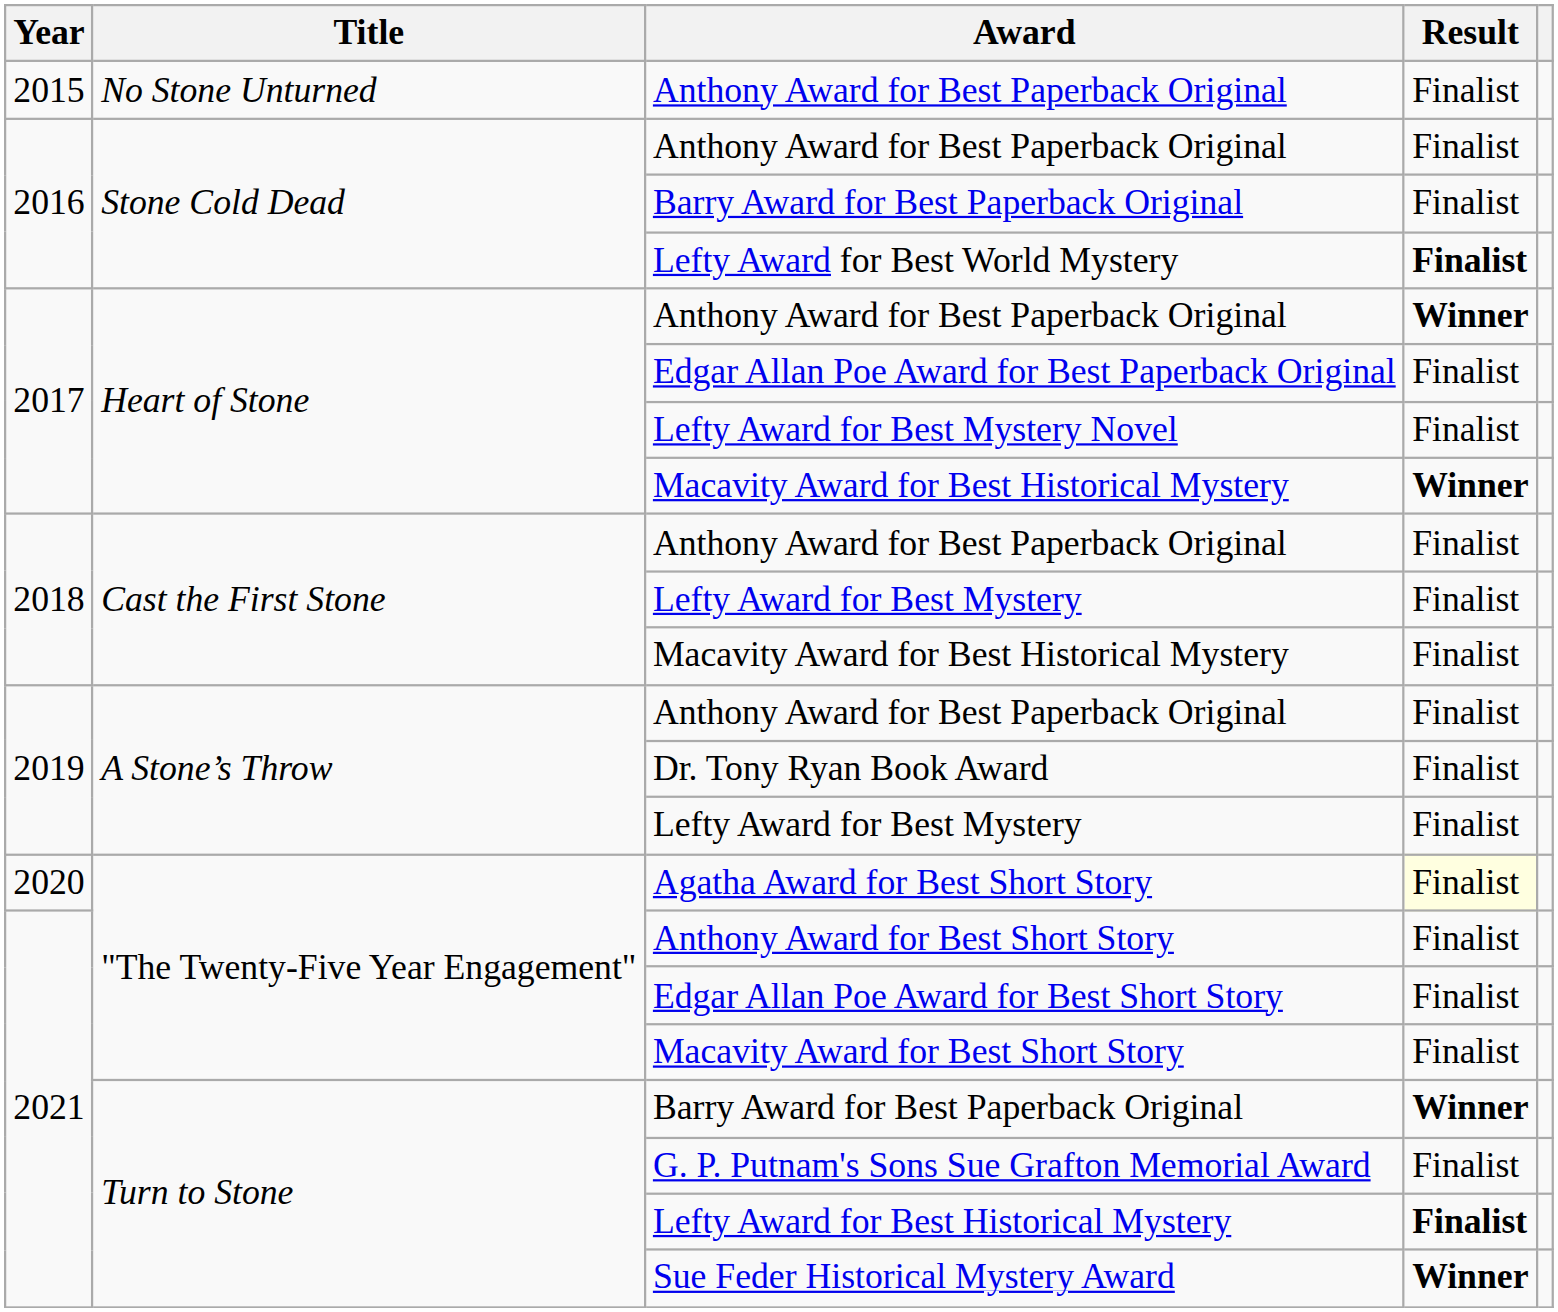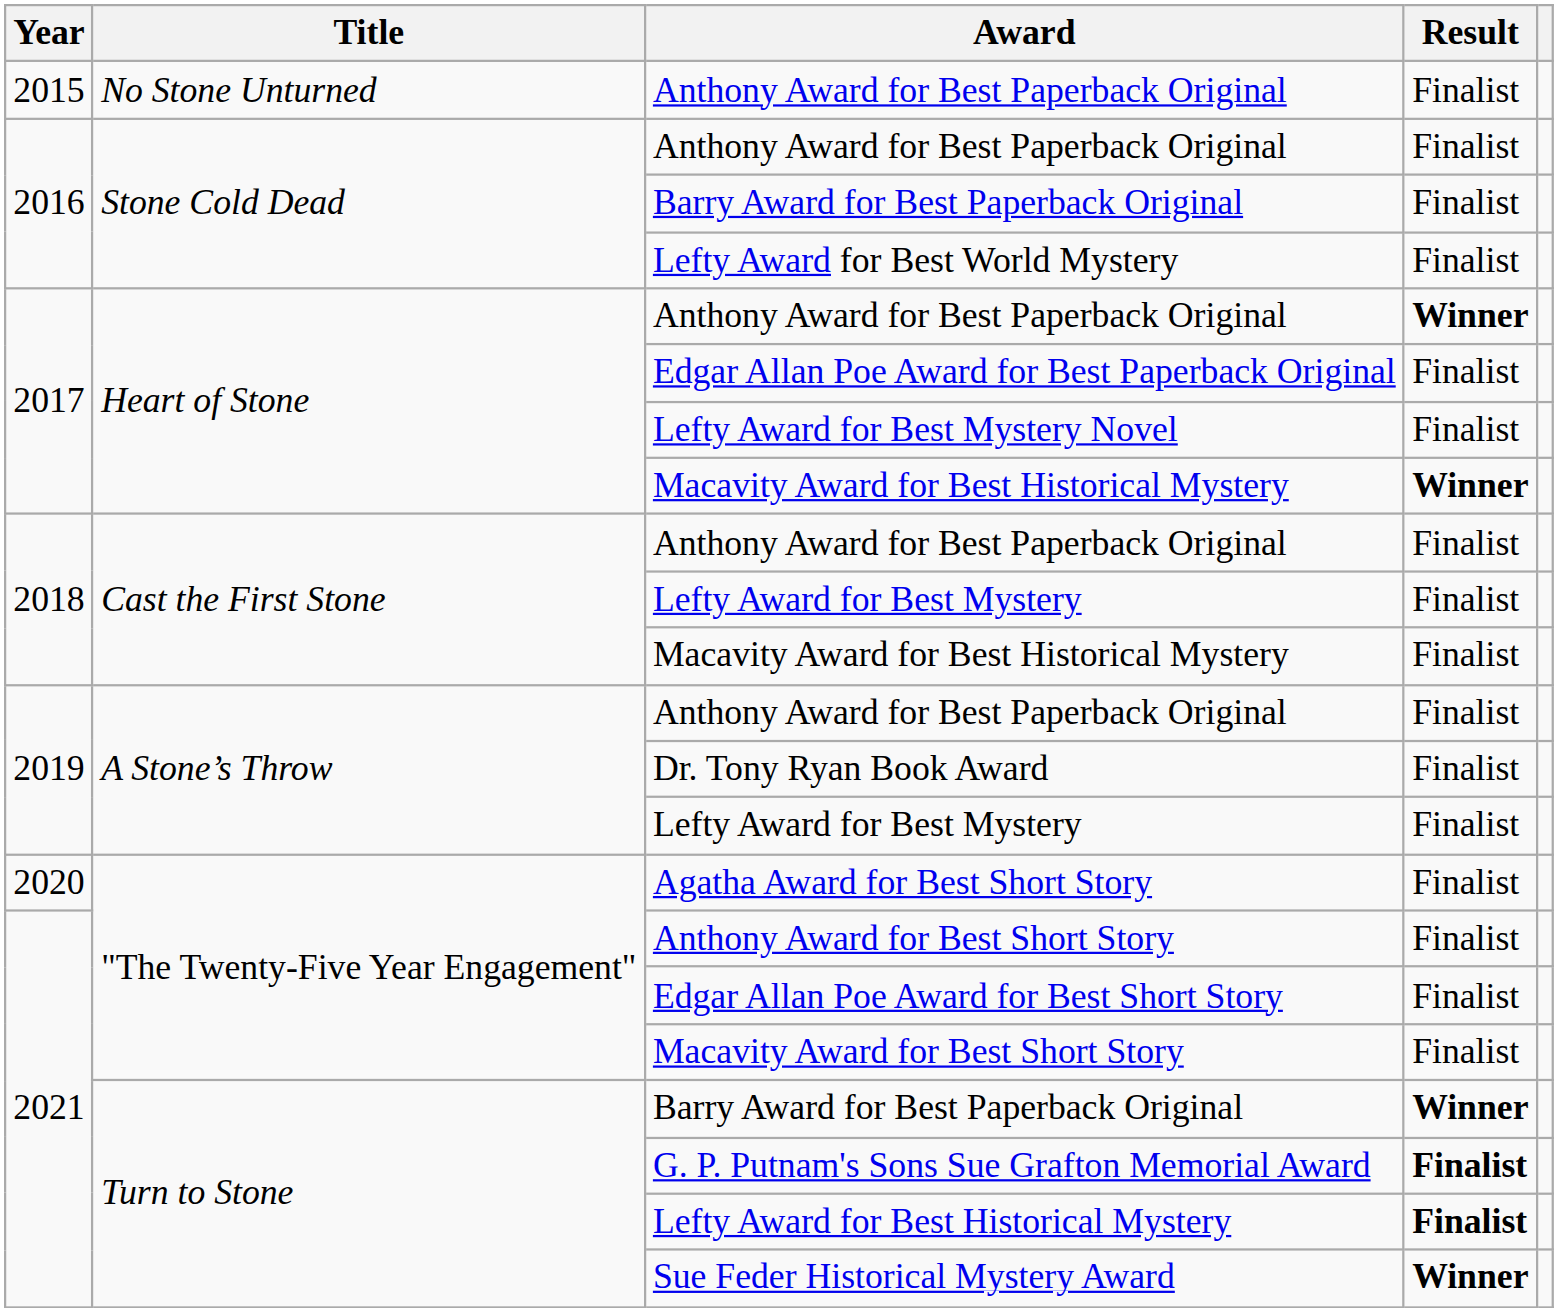 <table class="wikitable">
 <tr>
 <th>Year</th>
 <th>Title</th>
 <th>Award</th>
 <th>Result</th>
 <th></th>
 </tr>
 <tr>
 <td>2015</td>
 <td><em>No Stone Unturned</em></td>
 <td><a href='#'>Anthony Award for Best Paperback Original</a></td>
 <td>Finalist</td>
 <td></td>
 </tr>
 <tr>
 <td rowspan="3">2016</td>
 <td rowspan="3"><em>Stone Cold Dead</em></td>
 <td>Anthony Award for Best Paperback Original</td>
 <td>Finalist</td>
 <td></td>
 </tr>
 <tr>
 <td><a href='#'>Barry Award for Best Paperback Original</a></td>
 <td>Finalist</td>
 <td></td>
 </tr>
 <tr>
 <td><a href='#'>Lefty Award</a> for Best World Mystery</td>
-<td><strong>Finalist</strong></td>
+<td>Finalist</td>
 <td></td>
 </tr>
 <tr>
 <td rowspan="4">2017</td>
 <td rowspan="4"><em>Heart of Stone</em></td>
 <td>Anthony Award for Best Paperback Original</td>
 <td><strong>Winner</strong></td>
 <td></td>
 </tr>
 <tr>
 <td><a href='#'>Edgar Allan Poe Award for Best Paperback Original</a></td>
 <td>Finalist</td>
 <td></td>
 </tr>
 <tr>
 <td><a href='#'>Lefty Award for Best Mystery Novel</a></td>
 <td>Finalist</td>
 <td></td>
 </tr>
 <tr>
 <td><a href='#'>Macavity Award for Best Historical Mystery</a></td>
 <td><strong>Winner</strong></td>
 <td></td>
 </tr>
 <tr>
 <td rowspan="3">2018</td>
 <td rowspan="3"><em>Cast the First Stone</em></td>
 <td>Anthony Award for Best Paperback Original</td>
 <td>Finalist</td>
 <td></td>
 </tr>
 <tr>
 <td><a href='#'>Lefty Award for Best Mystery</a></td>
 <td>Finalist</td>
 <td></td>
 </tr>
 <tr>
 <td>Macavity Award for Best Historical Mystery</td>
 <td>Finalist</td>
 <td></td>
 </tr>
 <tr>
 <td rowspan="3">2019</td>
 <td rowspan="3"><em>A Stone’s Throw</em></td>
 <td>Anthony Award for Best Paperback Original</td>
 <td>Finalist</td>
 <td></td>
 </tr>
 <tr>
 <td>Dr. Tony Ryan Book Award</td>
 <td>Finalist</td>
 <td></td>
 </tr>
 <tr>
 <td>Lefty Award for Best Mystery</td>
 <td>Finalist</td>
 <td></td>
 </tr>
 <tr>
 <td>2020</td>
 <td rowspan="4">"The Twenty-Five Year Engagement"</td>
 <td><a href='#'>Agatha Award for Best Short Story</a></td>
-<td style="background: lightyellow;">Finalist</td>
+<td>Finalist</td>
 <td></td>
 </tr>
 <tr>
 <td rowspan="7">2021</td>
 <td><a href='#'>Anthony Award for Best Short Story</a></td>
 <td>Finalist</td>
 <td></td>
 </tr>
 <tr>
 <td><a href='#'>Edgar Allan Poe Award for Best Short Story</a></td>
 <td>Finalist</td>
 <td></td>
 </tr>
 <tr>
 <td><a href='#'>Macavity Award for Best Short Story</a></td>
 <td>Finalist</td>
 <td></td>
 </tr>
 <tr>
 <td rowspan="4"><em>Turn to Stone</em></td>
 <td>Barry Award for Best Paperback Original</td>
 <td><strong>Winner</strong></td>
 <td></td>
 </tr>
 <tr>
 <td><a href='#'>G. P. Putnam's Sons Sue Grafton Memorial Award</a></td>
-<td>Finalist</td>
+<td><strong>Finalist</strong></td>
 <td></td>
 </tr>
 <tr>
 <td><a href='#'>Lefty Award for Best Historical Mystery</a></td>
 <td><strong>Finalist</strong></td>
 <td></td>
 </tr>
 <tr>
 <td><a href='#'>Sue Feder Historical Mystery Award</a></td>
 <td><strong>Winner</strong></td>
 <td></td>
 </tr>
 </table>
